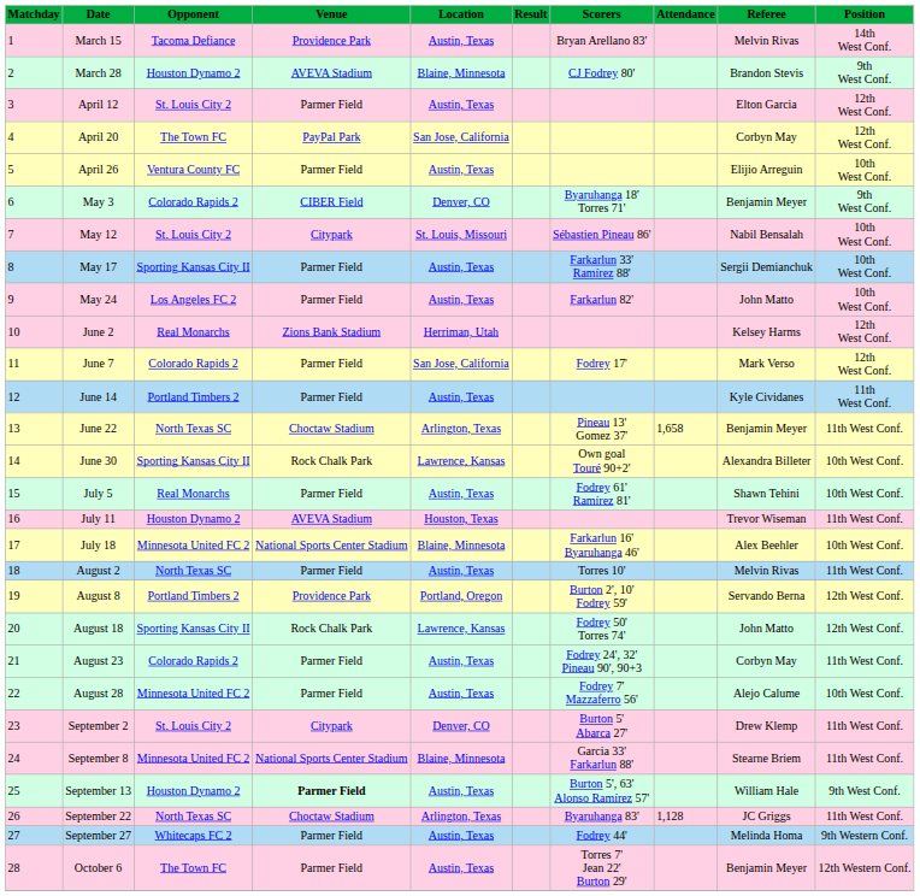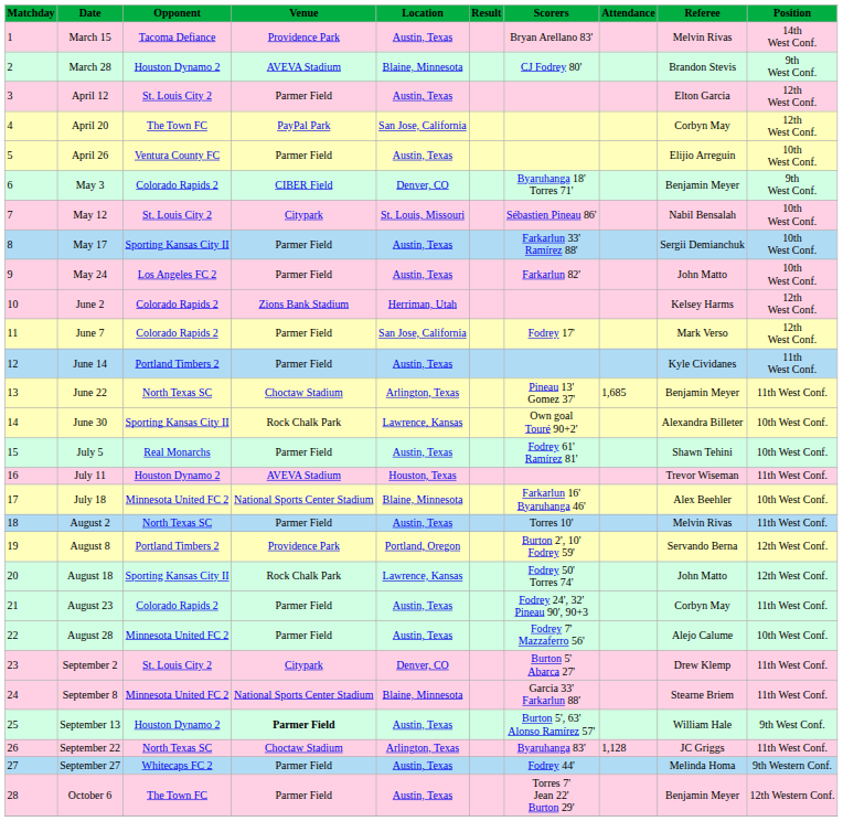 <table class="wikitable" align="center">
 <tr>
 <th style="background:#00AE42; color:black;">Matchday</th>
 <th style="background:#00AE42; color:black;">Date</th>
 <th style="background:#00AE42; color:black;">Opponent</th>
 <th style="background:#00AE42; color:black;">Venue</th>
 <th style="background:#00AE42; color:black;">Location</th>
 <th style="background:#00AE42; color:black;">Result</th>
 <th style="background:#00AE42; color:black;">Scorers</th>
 <th style="background:#00AE42; color:black;">Attendance</th>
 <th style="background:#00AE42; color:black;">Referee</th>
 <th style="background:#00AE42; color:black;">Position</th>
 </tr>
 <tr bgcolor = ffd0e3>
 <td>1</td>
 <td align="center">March 15</td>
 <td align="center"><a href='#'>Tacoma Defiance</a></td>
 <td align="center"><a href='#'>Providence Park</a></td>
 <td align="center"><a href='#'>Austin, Texas</a></td>
 <td align="center"></td>
 <td align="center">Bryan Arellano 83'</td>
 <td></td>
 <td align="center">Melvin Rivas</td>
 <td align="center">14th<br>West Conf.</td>
 </tr>
 <tr bgcolor = d0ffe3>
 <td>2</td>
 <td align="center">March 28</td>
 <td align="center"><a href='#'>Houston Dynamo 2</a></td>
 <td align="center"><a href='#'>AVEVA Stadium</a></td>
 <td align="center"><a href='#'>Blaine, Minnesota</a></td>
 <td align="center"></td>
 <td align="center"><a href='#'>CJ Fodrey</a> 80'</td>
 <td></td>
 <td align="center">Brandon Stevis</td>
 <td align="center">9th<br>West Conf.</td>
 </tr>
 <tr bgcolor = ffd0e3>
 <td>3</td>
 <td align="center">April 12</td>
 <td align="center"><a href='#'>St. Louis City 2</a></td>
 <td align="center">Parmer Field</td>
 <td align="center"><a href='#'>Austin, Texas</a></td>
 <td align="center"></td>
 <td></td>
 <td></td>
 <td align="center">Elton Garcia</td>
 <td align="center">12th<br>West Conf.</td>
 </tr>
 <tr bgcolor = ffffbb>
 <td>4</td>
 <td align="center">April 20</td>
 <td align="center"><a href='#'>The Town FC</a></td>
 <td align="center"><a href='#'>PayPal Park</a></td>
 <td align="center"><a href='#'>San Jose, California</a></td>
 <td align="center"><br></td>
 <td></td>
 <td></td>
 <td align="center">Corbyn May</td>
 <td align="center">12th<br>West Conf.</td>
 </tr>
 <tr bgcolor = ffffbb>
 <td>5</td>
 <td align="center">April 26</td>
 <td align="center"><a href='#'>Ventura County FC</a></td>
 <td align="center">Parmer Field</td>
 <td align="center"><a href='#'>Austin, Texas</a></td>
 <td align="center"><br></td>
 <td align="center"></td>
 <td></td>
 <td align="center">Elijio Arreguin</td>
 <td align="center">10th<br>West Conf.</td>
 </tr>
 <tr bgcolor = d0ffe3>
 <td>6</td>
 <td align="center">May 3</td>
 <td align="center"><a href='#'>Colorado Rapids 2</a></td>
 <td align="center"><a href='#'>CIBER Field</a></td>
 <td align="center"><a href='#'>Denver, CO</a></td>
 <td align="center"></td>
 <td align="center"><a href='#'>Byaruhanga</a> 18'<br>Torres 71'</td>
 <td></td>
 <td align="center">Benjamin Meyer</td>
 <td align="center">9th<br>West Conf.</td>
 </tr>
 <tr bgcolor = ffd0e3>
 <td>7</td>
 <td align="center">May 12</td>
 <td align="center"><a href='#'>St. Louis City 2</a></td>
 <td align="center"><a href='#'>Citypark</a></td>
 <td align="center"><a href='#'>St. Louis, Missouri</a></td>
 <td align="center"></td>
 <td align="center"><a href='#'>Sébastien Pineau</a> 86'</td>
 <td></td>
 <td align="center">Nabil Bensalah</td>
 <td align="center">10th<br> West Conf.</td>
 </tr>
 <tr bgcolor = AFDBF5>
 <td>8</td>
 <td align="center">May 17</td>
 <td align="center"><a href='#'>Sporting Kansas City II</a></td>
 <td align="center">Parmer Field</td>
 <td align="center"><a href='#'>Austin, Texas</a></td>
 <td align="center"><br></td>
 <td align="center"><a href='#'>Farkarlun</a> 33'<br><a href='#'>Ramírez</a> 88'</td>
 <td></td>
 <td align="center">Sergii Demianchuk</td>
 <td align="center">10th<br> West Conf.</td>
 </tr>
 <tr bgcolor = ffd0e3>
 <td>9</td>
 <td align="center">May 24</td>
 <td align="center"><a href='#'>Los Angeles FC 2</a></td>
 <td align="center">Parmer Field</td>
 <td align="center"><a href='#'>Austin, Texas</a></td>
 <td align="center"></td>
 <td align="center"><a href='#'>Farkarlun</a> 82'</td>
 <td></td>
 <td align="center">John Matto</td>
 <td align="center">10th<br> West Conf.</td>
 </tr>
 <tr bgcolor = ffd0e3>
 <td>10</td>
 <td align="center">June 2</td>
-<td align="center"><a href='#'>Real Monarchs</a></td>
+<td align="center"><a href='#'>Colorado Rapids 2</a></td>
 <td align="center"><a href='#'>Zions Bank Stadium</a></td>
 <td align="center"><a href='#'>Herriman, Utah</a></td>
 <td align="center"></td>
 <td align="center"></td>
 <td></td>
 <td align="center">Kelsey Harms</td>
 <td align="center">12th<br>West Conf.</td>
 </tr>
 <tr bgcolor = ffffbb>
 <td>11</td>
 <td align="center">June 7</td>
 <td align="center"><a href='#'>Colorado Rapids 2</a></td>
 <td align="center">Parmer Field</td>
 <td align="center"><a href='#'>San Jose, California</a></td>
 <td align="center"><br></td>
 <td align="center"><a href='#'>Fodrey</a> 17'</td>
 <td></td>
 <td align="center">Mark Verso</td>
 <td align="center">12th<br>West Conf.</td>
 </tr>
 <tr bgcolor = AFDBF5>
 <td>12</td>
 <td align="center">June 14</td>
 <td align="center"><a href='#'>Portland Timbers 2</a></td>
 <td align="center">Parmer Field</td>
 <td align="center"><a href='#'>Austin, Texas</a></td>
 <td align="center"><br></td>
 <td align="center"></td>
 <td></td>
 <td align="center">Kyle Cividanes</td>
 <td align="center">11th<br>West Conf.</td>
 </tr>
 <tr bgcolor = ffffbb>
 <td>13</td>
 <td align="center">June 22</td>
 <td align="center"><a href='#'>North Texas SC</a></td>
 <td align="center"><a href='#'>Choctaw Stadium</a></td>
 <td align="center"><a href='#'>Arlington, Texas</a></td>
 <td align="center"><br></td>
 <td align="center"><a href='#'>Pineau</a> 13'<br>Gomez 37'</td>
-<td>1,658</td>
+<td>1,685</td>
 <td align="center">Benjamin Meyer</td>
 <td align="center">11th West Conf.</td>
 </tr>
 <tr bgcolor = ffffbb>
 <td>14</td>
 <td align="center">June 30</td>
 <td align="center"><a href='#'>Sporting Kansas City II</a></td>
 <td align="center">Rock Chalk Park</td>
 <td align="center"><a href='#'>Lawrence, Kansas</a></td>
 <td align="center"><br></td>
 <td align="center">Own goal<br><a href='#'>Touré</a> 90+2'</td>
 <td></td>
 <td align="center">Alexandra Billeter</td>
 <td align="center">10th West Conf.</td>
 </tr>
 <tr bgcolor = d0ffe3>
 <td>15</td>
 <td align="center">July 5</td>
 <td align="center"><a href='#'>Real Monarchs</a></td>
 <td align="center">Parmer Field</td>
 <td align="center"><a href='#'>Austin, Texas</a></td>
 <td align="center"></td>
 <td align="center"><a href='#'>Fodrey</a> 61' <br><a href='#'>Ramírez</a> 81'</td>
 <td></td>
 <td align="center">Shawn Tehini</td>
 <td align="center">10th West Conf.</td>
 </tr>
 <tr bgcolor = ffd0e3>
 <td>16</td>
 <td align="center">July 11</td>
 <td align="center"><a href='#'>Houston Dynamo 2</a></td>
 <td align="center"><a href='#'>AVEVA Stadium</a></td>
 <td align="center"><a href='#'>Houston, Texas</a></td>
 <td align="center"></td>
 <td align="center"></td>
 <td></td>
 <td align="center">Trevor Wiseman</td>
 <td align="center">11th West Conf.</td>
 </tr>
 <tr bgcolor = ffffbb>
 <td>17</td>
 <td align="center">July 18</td>
 <td align="center"><a href='#'>Minnesota United FC 2</a></td>
 <td align="center"><a href='#'>National Sports Center Stadium</a></td>
 <td align="center"><a href='#'>Blaine, Minnesota</a></td>
 <td align="center"><br></td>
 <td align="center"><a href='#'>Farkarlun</a> 16'<br><a href='#'>Byaruhanga</a> 46'</td>
 <td></td>
 <td align="center">Alex Beehler</td>
 <td align="center">10th West Conf.</td>
 </tr>
 <tr bgcolor = AFDBF5>
 <td>18</td>
 <td align="center">August 2</td>
 <td align="center"><a href='#'>North Texas SC</a></td>
 <td align="center">Parmer Field</td>
 <td align="center"><a href='#'>Austin, Texas</a></td>
 <td align="center"><br></td>
 <td align="center">Torres 10'</td>
 <td></td>
 <td align="center">Melvin Rivas</td>
 <td align="center">11th West Conf.</td>
 </tr>
 <tr bgcolor = ffffbb>
 <td>19</td>
 <td align="center">August 8</td>
 <td align="center"><a href='#'>Portland Timbers 2</a></td>
 <td align="center"><a href='#'>Providence Park</a></td>
 <td align="center"><a href='#'>Portland, Oregon</a></td>
 <td align="center"><br></td>
 <td align="center"><a href='#'>Burton</a> 2', 10'<br><a href='#'>Fodrey</a> 59'</td>
 <td></td>
 <td align="center">Servando Berna</td>
 <td align="center">12th West Conf.</td>
 </tr>
 <tr bgcolor = d0ffe3>
 <td>20</td>
 <td align="center">August 18</td>
 <td align="center"><a href='#'>Sporting Kansas City II</a></td>
 <td align="center">Rock Chalk Park</td>
 <td align="center"><a href='#'>Lawrence, Kansas</a></td>
 <td align="center"></td>
 <td align="center"><a href='#'>Fodrey</a> 50'<br>Torres 74'</td>
 <td></td>
 <td align="center">John Matto</td>
 <td align="center">12th West Conf.</td>
 </tr>
 <tr bgcolor = d0ffe3>
 <td>21</td>
 <td align="center">August 23</td>
 <td align="center"><a href='#'>Colorado Rapids 2</a></td>
 <td align="center">Parmer Field</td>
 <td align="center"><a href='#'>Austin, Texas</a></td>
 <td align="center"></td>
 <td align="center"><a href='#'>Fodrey</a> 24', 32'<br><a href='#'>Pineau</a> 90', 90+3</td>
 <td></td>
 <td align="center">Corbyn May</td>
 <td align="center">11th West Conf.</td>
 </tr>
 <tr bgcolor = d0ffe3>
 <td>22</td>
 <td align="center">August 28</td>
 <td align="center"><a href='#'>Minnesota United FC 2</a></td>
 <td align="center">Parmer Field</td>
 <td align="center"><a href='#'>Austin, Texas</a></td>
 <td align="center"></td>
 <td align="center"><a href='#'>Fodrey</a> 7'<br> <a href='#'>Mazzaferro</a> 56'</td>
 <td></td>
 <td align="center">Alejo Calume</td>
 <td align="center">10th West Conf.</td>
 </tr>
 <tr bgcolor = ffd0e3>
 <td>23</td>
 <td align="center">September 2</td>
 <td align="center"><a href='#'>St. Louis City 2</a></td>
 <td align="center"><a href='#'>Citypark</a></td>
 <td align="center"><a href='#'>Denver, CO</a></td>
 <td align="center"></td>
 <td align="center"><a href='#'>Burton</a> 5'<br><a href='#'>Abarca</a> 27'</td>
 <td></td>
 <td align="center">Drew Klemp</td>
 <td align="center">11th West Conf.</td>
 </tr>
 <tr bgcolor = ffd0e3>
 <td>24</td>
 <td align="center">September 8</td>
 <td align="center"><a href='#'>Minnesota United FC 2</a></td>
 <td align="center"><a href='#'>National Sports Center Stadium</a></td>
 <td align="center"><a href='#'>Blaine, Minnesota</a></td>
 <td align="center"></td>
 <td align="center">Garcia 33'<br><a href='#'>Farkarlun</a> 88' </td>
 <td></td>
 <td align="center">Stearne Briem</td>
 <td align="center">11th West Conf.</td>
 </tr>
 <tr bgcolor = d0ffe3>
 <td>25</td>
 <td align="center">September 13</td>
 <td align="center"><a href='#'>Houston Dynamo 2</a></td>
 <td align="center"><strong>Parmer Field</strong></td>
 <td align="center"><a href='#'>Austin, Texas</a></td>
 <td align="center"></td>
 <td align="center"><a href='#'>Burton</a> 5', 63'<br><a href='#'>Alonso Ramírez</a> 57' </td>
 <td></td>
 <td align="center">William Hale</td>
 <td align="center">9th West Conf.</td>
 </tr>
 <tr bgcolor = ffd0e3>
 <td>26</td>
 <td align="center">September 22</td>
 <td align="center"><a href='#'>North Texas SC</a></td>
 <td align="center"><a href='#'>Choctaw Stadium</a></td>
 <td align="center"><a href='#'>Arlington, Texas</a></td>
 <td align="center"></td>
 <td align="center"><a href='#'>Byaruhanga</a> 83'</td>
 <td>1,128</td>
 <td align="center">JC Griggs</td>
 <td align="center">11th West Conf.</td>
 </tr>
 <tr bgcolor = AFDBF5>
 <td>27</td>
 <td align="center">September 27</td>
 <td align="center"><a href='#'>Whitecaps FC 2</a></td>
 <td align="center">Parmer Field</td>
 <td align="center"><a href='#'>Austin, Texas</a></td>
 <td align="center"><br></td>
 <td align="center"><a href='#'>Fodrey</a> 44'</td>
 <td></td>
 <td align="center">Melinda Homa</td>
 <td align="center">9th Western Conf.</td>
 </tr>
 <tr bgcolor = ffd0e3>
 <td>28</td>
 <td align="center">October 6</td>
 <td align="center"><a href='#'>The Town FC</a></td>
 <td align="center">Parmer Field</td>
 <td align="center"><a href='#'>Austin, Texas</a></td>
 <td align="center"></td>
 <td align="center">Torres 7'<br>Jean 22'<br><a href='#'>Burton</a> 29'</td>
 <td></td>
 <td align="center">Benjamin Meyer</td>
 <td align="center">12th Western Conf.</td>
 </tr>
 <tr>
 </tr>
 </table>
